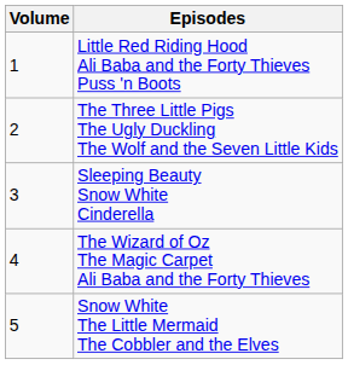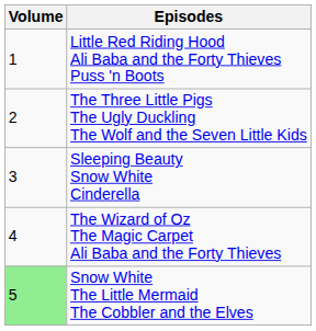 <table class="wikitable">
 <tr>
 <th>Volume</th>
 <th>Episodes</th>
 </tr>
 <tr>
 <td>1</td>
 <td><a href='#'>Little Red Riding Hood</a><br><a href='#'>Ali Baba and the Forty Thieves</a><br><a href='#'>Puss 'n Boots</a></td>
 </tr>
 <tr>
 <td>2</td>
 <td><a href='#'>The Three Little Pigs</a><br><a href='#'>The Ugly Duckling</a><br><a href='#'>The Wolf and the Seven Little Kids</a></td>
 </tr>
 <tr>
 <td>3</td>
 <td><a href='#'>Sleeping Beauty</a><br><a href='#'>Snow White</a><br><a href='#'>Cinderella</a></td>
 </tr>
 <tr>
 <td>4</td>
 <td><a href='#'>The Wizard of Oz</a><br><a href='#'>The Magic Carpet</a><br><a href='#'>Ali Baba and the Forty Thieves</a></td>
 </tr>
 <tr>
-<td>5</td>
+<td style="background: lightgreen;">5</td>
 <td><a href='#'>Snow White</a><br><a href='#'>The Little Mermaid</a><br><a href='#'>The Cobbler and the Elves</a></td>
 </tr>
 </table>
